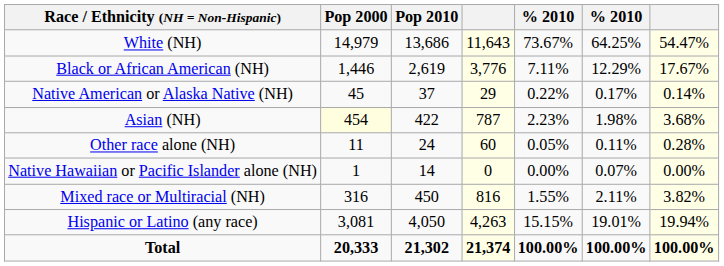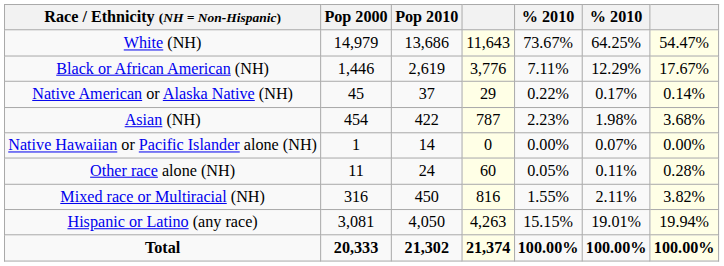 <table class="wikitable" style="text-align:center;">
 <tr>
 <th>Race / Ethnicity <small>(<em>NH = Non-Hispanic</em>)</small></th>
 <th>Pop 2000</th>
 <th>Pop 2010</th>
 <th></th>
 <th>% 2010</th>
 <th>% 2010</th>
 <th></th>
 </tr>
 <tr>
 <td><a href='#'>White</a> (NH)</td>
 <td>14,979</td>
 <td>13,686</td>
 <td style='background: #ffffe6;'>11,643</td>
 <td>73.67%</td>
 <td>64.25%</td>
 <td style='background: #ffffe6;'>54.47%</td>
 </tr>
 <tr>
 <td><a href='#'>Black or African American</a> (NH)</td>
 <td>1,446</td>
 <td>2,619</td>
 <td style='background: #ffffe6;'>3,776</td>
 <td>7.11%</td>
 <td>12.29%</td>
 <td style='background: #ffffe6;'>17.67%</td>
 </tr>
 <tr>
 <td><a href='#'>Native American</a> or <a href='#'>Alaska Native</a> (NH)</td>
 <td>45</td>
 <td>37</td>
 <td style='background: #ffffe6;'>29</td>
 <td>0.22%</td>
 <td>0.17%</td>
 <td style='background: #ffffe6;'>0.14%</td>
 </tr>
 <tr>
 <td><a href='#'>Asian</a> (NH)</td>
-<td style="background: lightyellow;">454</td>
+<td>454</td>
 <td>422</td>
 <td style='background: #ffffe6;'>787</td>
 <td>2.23%</td>
 <td>1.98%</td>
 <td style='background: #ffffe6;'>3.68%</td>
+</tr>
+<tr>
+<td><a href='#'>Native Hawaiian</a> or <a href='#'>Pacific Islander</a> alone (NH)</td>
+<td>1</td>
+<td>14</td>
+<td style='background: #ffffe6;'>0</td>
+<td>0.00%</td>
+<td>0.07%</td>
+<td style='background: #ffffe6;'>0.00%</td>
 </tr>
 <tr>
 <td><a href='#'>Other race</a> alone (NH)</td>
 <td>11</td>
 <td>24</td>
 <td style='background: #ffffe6;'>60</td>
 <td>0.05%</td>
 <td>0.11%</td>
 <td style='background: #ffffe6;'>0.28%</td>
-</tr>
-<tr>
-<td><a href='#'>Native Hawaiian</a> or <a href='#'>Pacific Islander</a> alone (NH)</td>
-<td>1</td>
-<td>14</td>
-<td style='background: #ffffe6;'>0</td>
-<td>0.00%</td>
-<td>0.07%</td>
-<td style='background: #ffffe6;'>0.00%</td>
 </tr>
 <tr>
 <td><a href='#'>Mixed race or Multiracial</a> (NH)</td>
 <td>316</td>
 <td>450</td>
 <td style='background: #ffffe6;'>816</td>
 <td>1.55%</td>
 <td>2.11%</td>
 <td style='background: #ffffe6;'>3.82%</td>
 </tr>
 <tr>
 <td><a href='#'>Hispanic or Latino</a> (any race)</td>
 <td>3,081</td>
 <td>4,050</td>
 <td style='background: #ffffe6;'>4,263</td>
 <td>15.15%</td>
 <td>19.01%</td>
 <td style='background: #ffffe6;'>19.94%</td>
 </tr>
 <tr>
 <td><strong>Total</strong></td>
 <td><strong>20,333</strong></td>
 <td><strong>21,302</strong></td>
 <td style='background: #ffffe6;'><strong>21,374</strong></td>
 <td><strong>100.00%</strong></td>
 <td><strong>100.00%</strong></td>
 <td style='background: #ffffe6;'><strong>100.00%</strong></td>
 </tr>
 </table>
